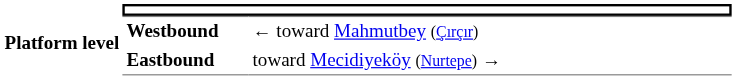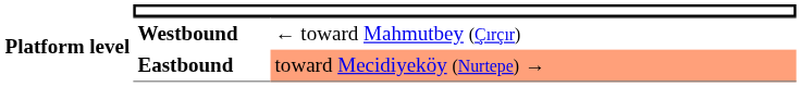 <table cellpadding="3" cellspacing="0" border="0">
 <tr>
 <td rowspan="4"><strong>Platform level</strong></td>
 <td colspan="2" style="border: 2px solid black; border-image: none; text-align: center;"></td>
 </tr>
 <tr>
 <td width="100" style="border-top-color: gray; border-top-width: 1px; border-top-style: solid;"><strong>Westbound</strong></td>
 <td width="400" style="border-top-color: gray; border-top-width: 1px; border-top-style: solid;">←  toward <a href='#'>Mahmutbey</a> <small>(<a href='#'>Çırçır</a>)</small></td>
 </tr>
 <tr>
 <td style="border-bottom-color: gray; border-bottom-width: 1px; border-bottom-style: solid;"><strong>Eastbound</strong></td>
-<td style="border-bottom-color: gray; border-bottom-width: 1px; border-bottom-style: solid;"> toward <a href='#'>Mecidiyeköy</a> <small>(<a href='#'>Nurtepe</a>)</small> →</td>
+<td style="background: lightsalmon; border-bottom-color: gray; border-bottom-width: 1px; border-bottom-style: solid;"> toward <a href='#'>Mecidiyeköy</a> <small>(<a href='#'>Nurtepe</a>)</small> →</td>
 </tr>
 <tr>
 <td colspan="2"></td>
 </tr>
 </table>
